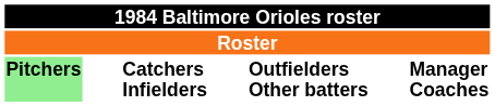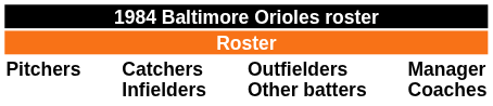 <table class="toccolours" style="font-size: 95%;">
 <tr>
 <th colspan="10" style="background-color: black; color: white; text-align: center;">1984 Baltimore Orioles roster</th>
 </tr>
 <tr>
 <td colspan="10" style="background-color: #F87217; color: white; text-align: center;"><strong>Roster</strong></td>
 </tr>
 <tr>
-<td valign="top" style="background: lightgreen;"><strong>Pitchers</strong><br>             </td>
+<td valign="top"><strong>Pitchers</strong><br>             </td>
 <td width="25px"></td>
 <td valign="top"><strong>Catchers</strong><br>   <strong>Infielders</strong>        </td>
 <td width="25px"></td>
 <td valign="top"><strong>Outfielders</strong><br>        <strong>Other batters</strong>    </td>
 <td width="25px"></td>
 <td valign="top"><strong>Manager</strong><br> <strong>Coaches</strong>     </td>
 </tr>
 <tr>
 </tr>
 </table>
